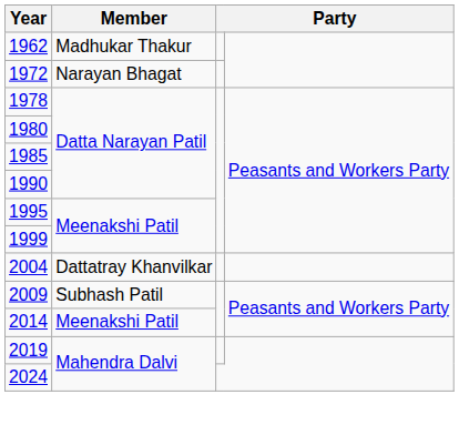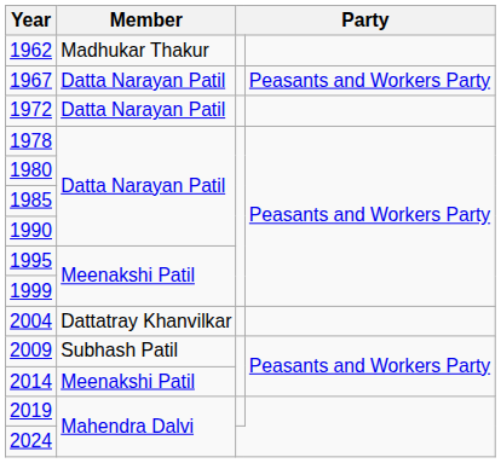 <table class="wikitable">
 <tr>
 <th>Year</th>
 <th>Member</th>
 <th colspan="2">Party</th>
 </tr>
 <tr>
 <td><a href='#'>1962</a></td>
 <td>Madhukar Thakur</td>
 <td></td>
 </tr>
 <tr>
+<td><a href='#'>1967</a></td>
+<td><a href='#'>Datta Narayan Patil</a></td>
+<td style="background-color: "></td>
+<td><a href='#'>Peasants and Workers Party</a></td>
+</tr>
+<tr>
 <td><a href='#'>1972</a></td>
-<td>Narayan Bhagat</td>
+<td><a href='#'>Datta Narayan Patil</a></td>
 <td></td>
 </tr>
 <tr>
 <td><a href='#'>1978</a></td>
 <td rowspan="4"><a href='#'>Datta Narayan Patil</a></td>
 <td rowspan="6" style="background-color: "></td>
 <td rowspan="6"><a href='#'>Peasants and Workers Party</a></td>
 </tr>
 <tr>
 <td><a href='#'>1980</a></td>
 </tr>
 <tr>
 <td><a href='#'>1985</a></td>
 </tr>
 <tr>
 <td><a href='#'>1990</a></td>
 </tr>
 <tr>
 <td><a href='#'>1995</a></td>
 <td rowspan="2"><a href='#'>Meenakshi Patil</a></td>
 </tr>
 <tr>
 <td><a href='#'>1999</a></td>
 </tr>
 <tr>
 <td><a href='#'>2004</a></td>
 <td>Dattatray Khanvilkar</td>
 <td></td>
 </tr>
 <tr>
 <td><a href='#'>2009</a></td>
 <td>Subhash Patil</td>
 <td rowspan="2" style="background-color: "></td>
 <td rowspan="2"><a href='#'>Peasants and Workers Party</a></td>
 </tr>
 <tr>
 <td><a href='#'>2014</a></td>
 <td><a href='#'>Meenakshi Patil</a></td>
 </tr>
 <tr>
 <td><a href='#'>2019</a></td>
 <td Rowspan=2><a href='#'>Mahendra Dalvi</a></td>
 <td></td>
 </tr>
 <tr>
 <td><a href='#'>2024</a></td>
 </tr>
 </table>
